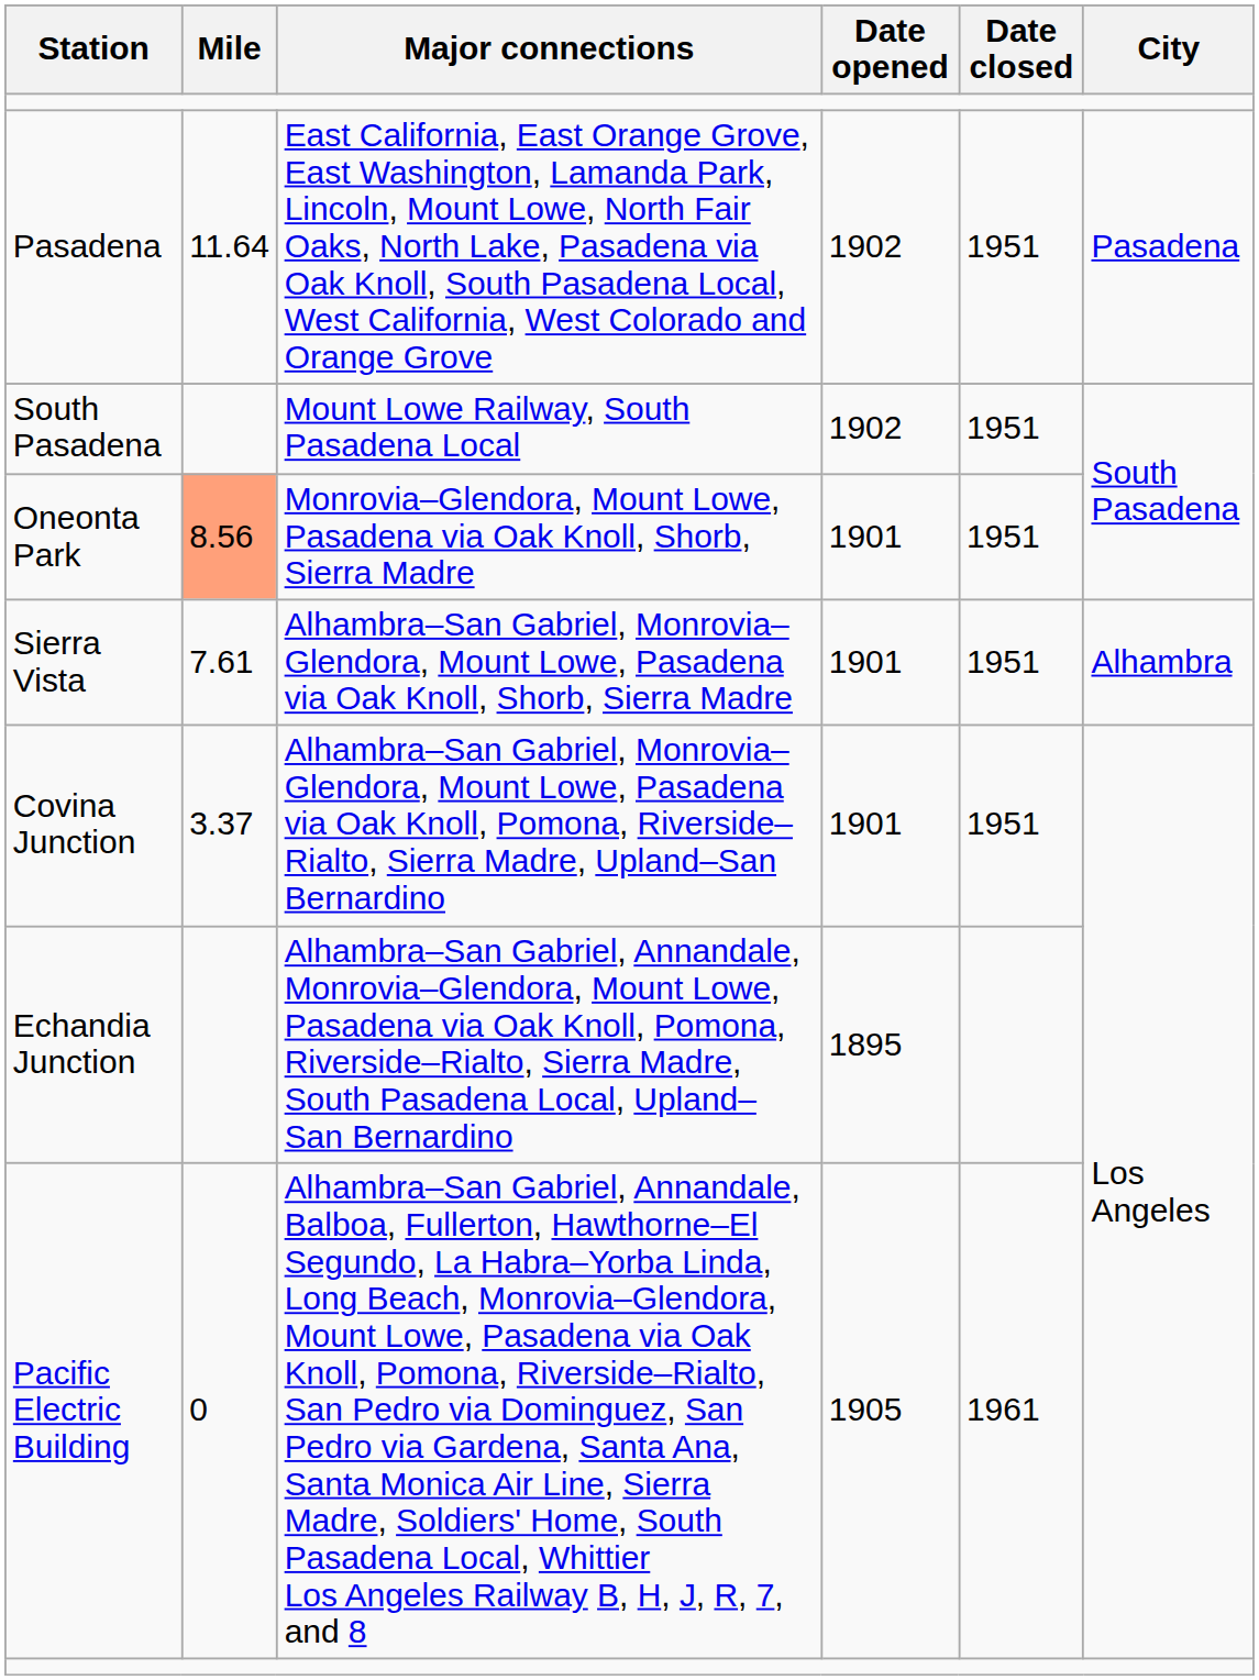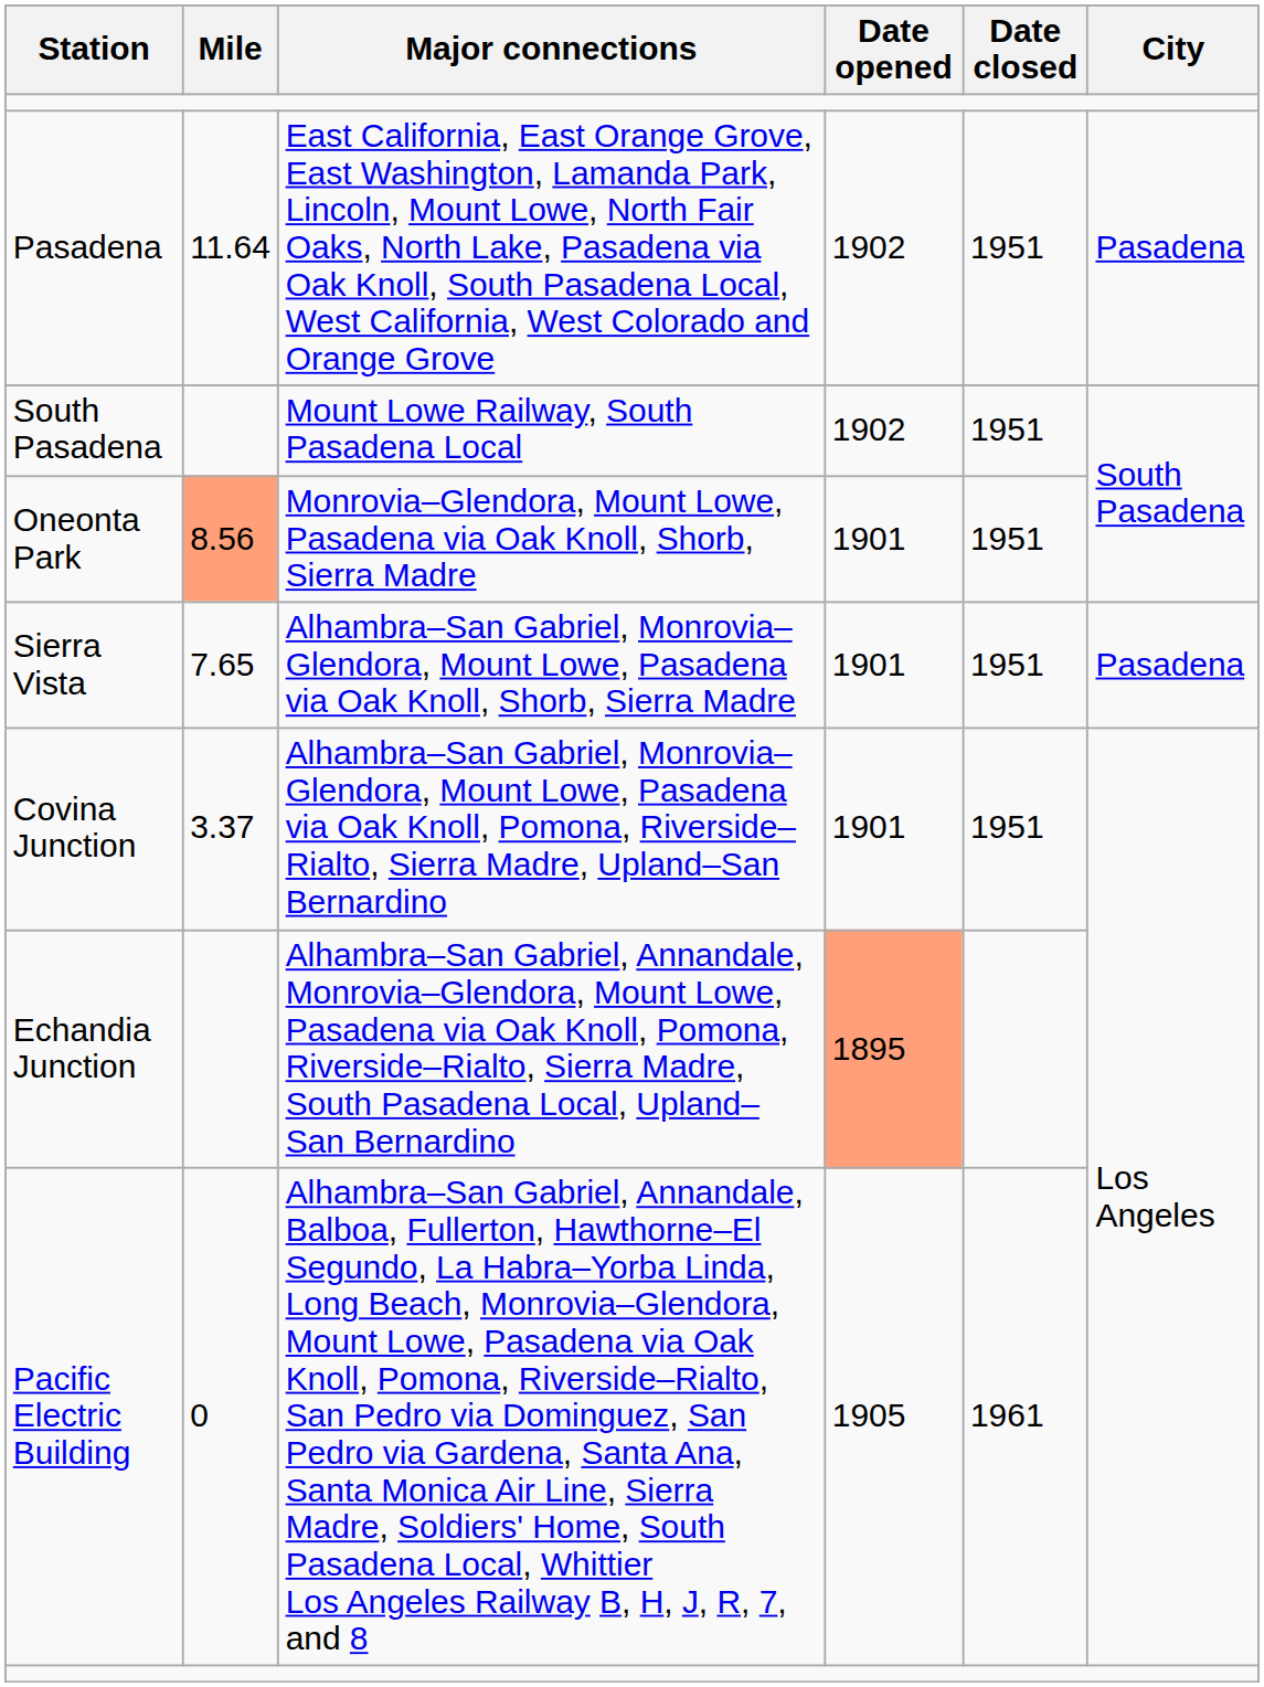 <table class="wikitable">
 <tr>
 <th>Station</th>
 <th>Mile</th>
 <th>Major connections</th>
 <th>Date opened</th>
 <th>Date closed</th>
 <th>City</th>
 </tr>
 <tr>
 <td colspan = "6"></td>
 </tr>
 <tr>
 <td>Pasadena</td>
 <td>11.64</td>
 <td><a href='#'>East California</a>, <a href='#'>East Orange Grove</a>, <a href='#'>East Washington</a>, <a href='#'>Lamanda Park</a>, <a href='#'>Lincoln</a>, <a href='#'>Mount Lowe</a>, <a href='#'>North Fair Oaks</a>, <a href='#'>North Lake</a>, <a href='#'>Pasadena via Oak Knoll</a>, <a href='#'>South Pasadena Local</a>, <a href='#'>West California</a>, <a href='#'>West Colorado and Orange Grove</a></td>
 <td>1902</td>
 <td>1951</td>
 <td rowspan=1><a href='#'>Pasadena</a></td>
 </tr>
 <tr>
 <td>South Pasadena</td>
 <td></td>
 <td><a href='#'>Mount Lowe Railway</a>, <a href='#'>South Pasadena Local</a></td>
 <td>1902</td>
 <td>1951</td>
 <td rowspan=2><a href='#'>South Pasadena</a></td>
 </tr>
 <tr>
 <td>Oneonta Park</td>
 <td style="background: lightsalmon;">8.56</td>
 <td><a href='#'>Monrovia–Glendora</a>, <a href='#'>Mount Lowe</a>, <a href='#'>Pasadena via Oak Knoll</a>, <a href='#'>Shorb</a>, <a href='#'>Sierra Madre</a></td>
 <td>1901</td>
 <td>1951</td>
 </tr>
 <tr>
 <td>Sierra Vista</td>
-<td>7.61</td>
+<td>7.65</td>
 <td><a href='#'>Alhambra–San Gabriel</a>, <a href='#'>Monrovia–Glendora</a>, <a href='#'>Mount Lowe</a>, <a href='#'>Pasadena via Oak Knoll</a>, <a href='#'>Shorb</a>, <a href='#'>Sierra Madre</a></td>
 <td>1901</td>
 <td>1951</td>
-<td rowspan=1><a href='#'>Alhambra</a></td>
+<td rowspan=1><a href='#'>Pasadena</a></td>
 </tr>
 <tr>
 <td>Covina Junction</td>
 <td>3.37</td>
 <td><a href='#'>Alhambra–San Gabriel</a>, <a href='#'>Monrovia–Glendora</a>, <a href='#'>Mount Lowe</a>, <a href='#'>Pasadena via Oak Knoll</a>, <a href='#'>Pomona</a>, <a href='#'>Riverside–Rialto</a>, <a href='#'>Sierra Madre</a>, <a href='#'>Upland–San Bernardino</a></td>
 <td>1901</td>
 <td>1951</td>
 <td rowspan=3>Los Angeles</td>
 </tr>
 <tr>
 <td>Echandia Junction</td>
 <td></td>
 <td><a href='#'>Alhambra–San Gabriel</a>, <a href='#'>Annandale</a>, <a href='#'>Monrovia–Glendora</a>, <a href='#'>Mount Lowe</a>, <a href='#'>Pasadena via Oak Knoll</a>, <a href='#'>Pomona</a>, <a href='#'>Riverside–Rialto</a>, <a href='#'>Sierra Madre</a>, <a href='#'>South Pasadena Local</a>, <a href='#'>Upland–San Bernardino</a></td>
-<td>1895</td>
+<td style="background: lightsalmon;">1895</td>
 <td></td>
 </tr>
 <tr>
 <td><a href='#'>Pacific Electric Building</a></td>
 <td>0</td>
 <td><a href='#'>Alhambra–San Gabriel</a>, <a href='#'>Annandale</a>, <a href='#'>Balboa</a>, <a href='#'>Fullerton</a>, <a href='#'>Hawthorne–El Segundo</a>, <a href='#'>La Habra–Yorba Linda</a>, <a href='#'>Long Beach</a>, <a href='#'>Monrovia–Glendora</a>, <a href='#'>Mount Lowe</a>, <a href='#'>Pasadena via Oak Knoll</a>, <a href='#'>Pomona</a>, <a href='#'>Riverside–Rialto</a>, <a href='#'>San Pedro via Dominguez</a>, <a href='#'>San Pedro via Gardena</a>, <a href='#'>Santa Ana</a>, <a href='#'>Santa Monica Air Line</a>, <a href='#'>Sierra Madre</a>, <a href='#'>Soldiers' Home</a>, <a href='#'>South Pasadena Local</a>, <a href='#'>Whittier</a><br><a href='#'>Los Angeles Railway</a> <a href='#'>B</a>, <a href='#'>H</a>, <a href='#'>J</a>, <a href='#'>R</a>, <a href='#'>7</a>, and <a href='#'>8</a></td>
 <td>1905</td>
 <td>1961</td>
 </tr>
 <tr>
 <td colspan = "6"></td>
 </tr>
 </table>
